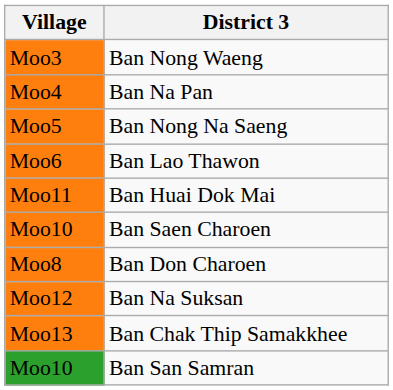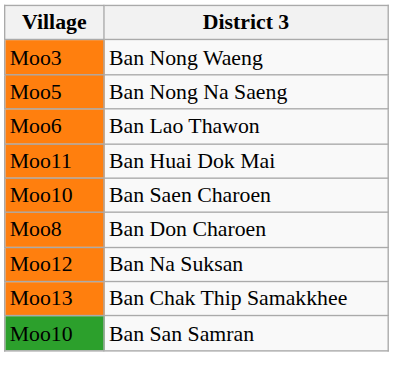 <table class="wikitable" style="width:32%; display:inline-table;">
 <tr>
 <th scope="col" style="width:4%;">Village</th>
 <th scope="col" style="width:28%;">District 3</th>
 </tr>
 <tr>
 <td style="background:#ff7f0e;">Moo3</td>
 <td>Ban Nong Waeng</td>
-</tr>
-<tr>
-<td style="background:#ff7f0e;">Moo4</td>
-<td>Ban Na Pan</td>
 </tr>
 <tr>
 <td style="background:#ff7f0e;">Moo5</td>
 <td>Ban Nong Na Saeng</td>
 </tr>
 <tr>
 <td style="background:#ff7f0e;">Moo6</td>
 <td>Ban Lao Thawon</td>
 </tr>
 <tr>
 <td style="background:#ff7f0e;">Moo11</td>
 <td>Ban Huai Dok Mai</td>
 </tr>
 <tr>
 <td style="background:#ff7f0e;">Moo10</td>
 <td>Ban Saen Charoen</td>
 </tr>
 <tr>
 <td style="background:#ff7f0e;">Moo8</td>
 <td>Ban Don Charoen</td>
 </tr>
 <tr>
 <td style="background:#ff7f0e;">Moo12</td>
 <td>Ban Na Suksan</td>
 </tr>
 <tr>
 <td style="background:#ff7f0e;">Moo13</td>
 <td>Ban Chak Thip Samakkhee</td>
 </tr>
 <tr>
 <td style="background:#2ca02c;">Moo10</td>
 <td>Ban San Samran</td>
 </tr>
 </table>
